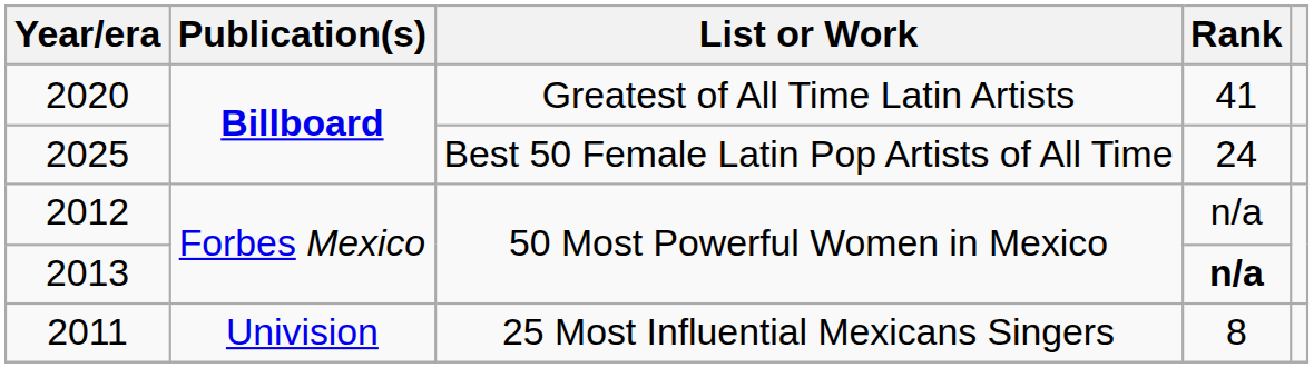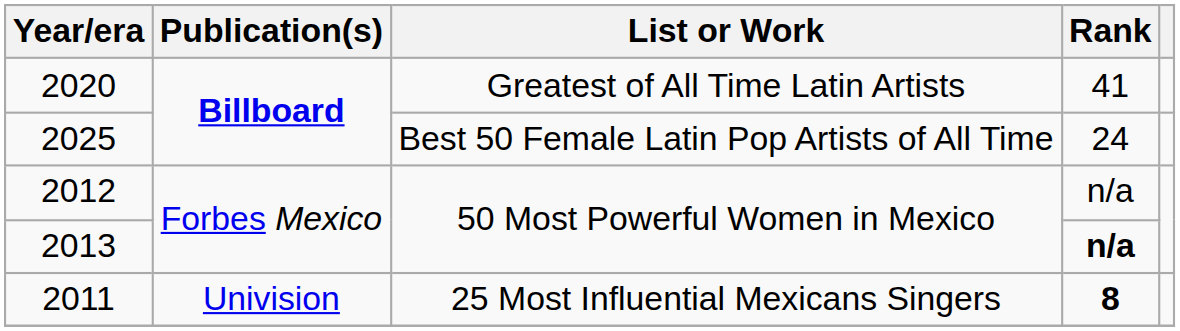 <table class="wikitable plainrowheaders sortable" style="text-align:center">
 <tr>
 <th>Year/era</th>
 <th>Publication(s)</th>
 <th>List or Work</th>
 <th data-sort-type="number">Rank</th>
 <th scope="col" class="unsortable"></th>
 </tr>
 <tr>
 <td>2020</td>
 <td rowspan="2"><strong><a href='#'>Billboard</a><em></td>
 <td>Greatest of All Time Latin Artists</td>
 <td align="center">41</td>
 <td align="center"></td>
 </tr>
 <tr>
 <td>2025</td>
 <td>Best 50 Female Latin Pop Artists of All Time</td>
 <td align="center">24</td>
 <td align="center"></td>
 </tr>
 <tr>
 <td>2012</td>
 <td rowspan="2"></em><a href='#'>Forbes</a><em> Mexico</td>
 <td rowspan="2">50 Most Powerful Women in Mexico</td>
 <td align="center">n/a</td>
 <td align="center" rowspan="2"></td>
 </tr>
 <tr>
 <td>2013</td>
 <td align="center"><strong>n/a</strong></td>
 </tr>
 <tr>
 <td>2011</td>
 <td><a href='#'>Univision</a></td>
 <td>25 Most Influential Mexicans Singers</td>
-<td align="center">8</td>
+<td align="center"><strong>8</strong></td>
 <td align="center"></td>
 </tr>
 <tr>
 </tr>
 </table>
